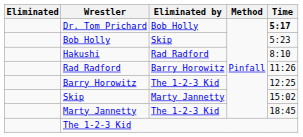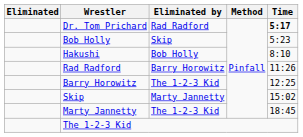 <table class="wikitable sortable">
 <tr>
 <th>Eliminated</th>
 <th>Wrestler</th>
 <th>Eliminated by</th>
 <th>Method</th>
 <th>Time</th>
 </tr>
 <tr>
 <td></td>
 <td><a href='#'>Dr. Tom Prichard</a></td>
-<td><a href='#'>Bob Holly</a></td>
+<td><a href='#'>Rad Radford</a></td>
 <td rowspan=7><a href='#'>Pinfall</a></td>
 <td><strong>5:17</strong></td>
 </tr>
 <tr>
 <td></td>
 <td><a href='#'>Bob Holly</a></td>
 <td><a href='#'>Skip</a></td>
 <td>5:23</td>
 </tr>
 <tr>
 <td></td>
 <td><a href='#'>Hakushi</a></td>
-<td><a href='#'>Rad Radford</a></td>
+<td><a href='#'>Bob Holly</a></td>
 <td>8:10</td>
 </tr>
 <tr>
 <td></td>
 <td><a href='#'>Rad Radford</a></td>
 <td><a href='#'>Barry Horowitz</a></td>
 <td>11:26</td>
 </tr>
 <tr>
 <td></td>
 <td><a href='#'>Barry Horowitz</a></td>
 <td><a href='#'>The 1-2-3 Kid</a></td>
 <td>12:25</td>
 </tr>
 <tr>
 <td></td>
 <td><a href='#'>Skip</a></td>
 <td><a href='#'>Marty Jannetty</a></td>
 <td>15:02</td>
 </tr>
 <tr>
 <td></td>
 <td><a href='#'>Marty Jannetty</a></td>
 <td><a href='#'>The 1-2-3 Kid</a></td>
 <td>18:45</td>
 </tr>
 <tr>
 <td></td>
 <td colspan="4"><a href='#'>The 1-2-3 Kid</a></td>
 </tr>
 </table>
